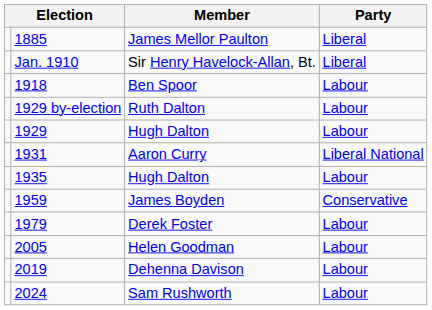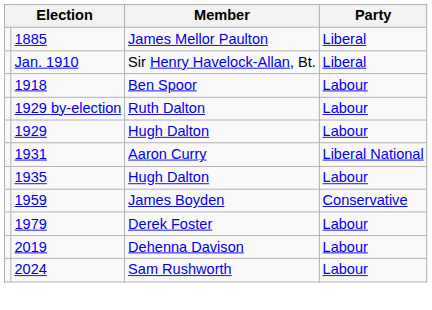 <table class="wikitable">
 <tr>
 <th colspan="2">Election</th>
 <th>Member</th>
 <th>Party</th>
 </tr>
 <tr>
 <td style="color:inherit;background-color: "></td>
 <td><a href='#'>1885</a></td>
 <td><a href='#'>James Mellor Paulton</a></td>
 <td><a href='#'>Liberal</a></td>
 </tr>
 <tr>
 <td style="color:inherit;background-color: "></td>
 <td><a href='#'>Jan. 1910</a></td>
 <td>Sir <a href='#'>Henry Havelock-Allan</a>, Bt.</td>
 <td><a href='#'>Liberal</a></td>
 </tr>
 <tr>
 <td style="color:inherit;background-color: "></td>
 <td><a href='#'>1918</a></td>
 <td><a href='#'>Ben Spoor</a></td>
 <td><a href='#'>Labour</a></td>
 </tr>
 <tr>
 <td style="color:inherit;background-color: "></td>
 <td><a href='#'>1929 by-election</a></td>
 <td><a href='#'>Ruth Dalton</a></td>
 <td><a href='#'>Labour</a></td>
 </tr>
 <tr>
 <td style="color:inherit;background-color: "></td>
 <td><a href='#'>1929</a></td>
 <td><a href='#'>Hugh Dalton</a></td>
 <td><a href='#'>Labour</a></td>
 </tr>
 <tr>
 <td style="color:inherit;background-color: "></td>
 <td><a href='#'>1931</a></td>
 <td><a href='#'>Aaron Curry</a></td>
 <td><a href='#'>Liberal National</a></td>
 </tr>
 <tr>
 <td style="color:inherit;background-color: "></td>
 <td><a href='#'>1935</a></td>
 <td><a href='#'>Hugh Dalton</a></td>
 <td><a href='#'>Labour</a></td>
 </tr>
 <tr>
 <td style="color:inherit;background-color: "></td>
 <td><a href='#'>1959</a></td>
 <td><a href='#'>James Boyden</a></td>
 <td><a href='#'>Conservative</a></td>
 </tr>
 <tr>
 <td style="color:inherit;background-color: "></td>
 <td><a href='#'>1979</a></td>
 <td><a href='#'>Derek Foster</a></td>
 <td><a href='#'>Labour</a></td>
 </tr>
 <tr>
 <td style="color:inherit;background-color: "></td>
-<td><a href='#'>2005</a></td>
-<td><a href='#'>Helen Goodman</a></td>
-<td><a href='#'>Labour</a></td>
-</tr>
-<tr>
-<td style="color:inherit;background-color: "></td>
 <td><a href='#'>2019</a></td>
 <td><a href='#'>Dehenna Davison</a></td>
 <td><a href='#'>Labour</a></td>
 </tr>
 <tr>
 <td style="color:inherit;background-color: "></td>
 <td><a href='#'>2024</a></td>
 <td><a href='#'>Sam Rushworth</a></td>
 <td><a href='#'>Labour</a></td>
 </tr>
 </table>
